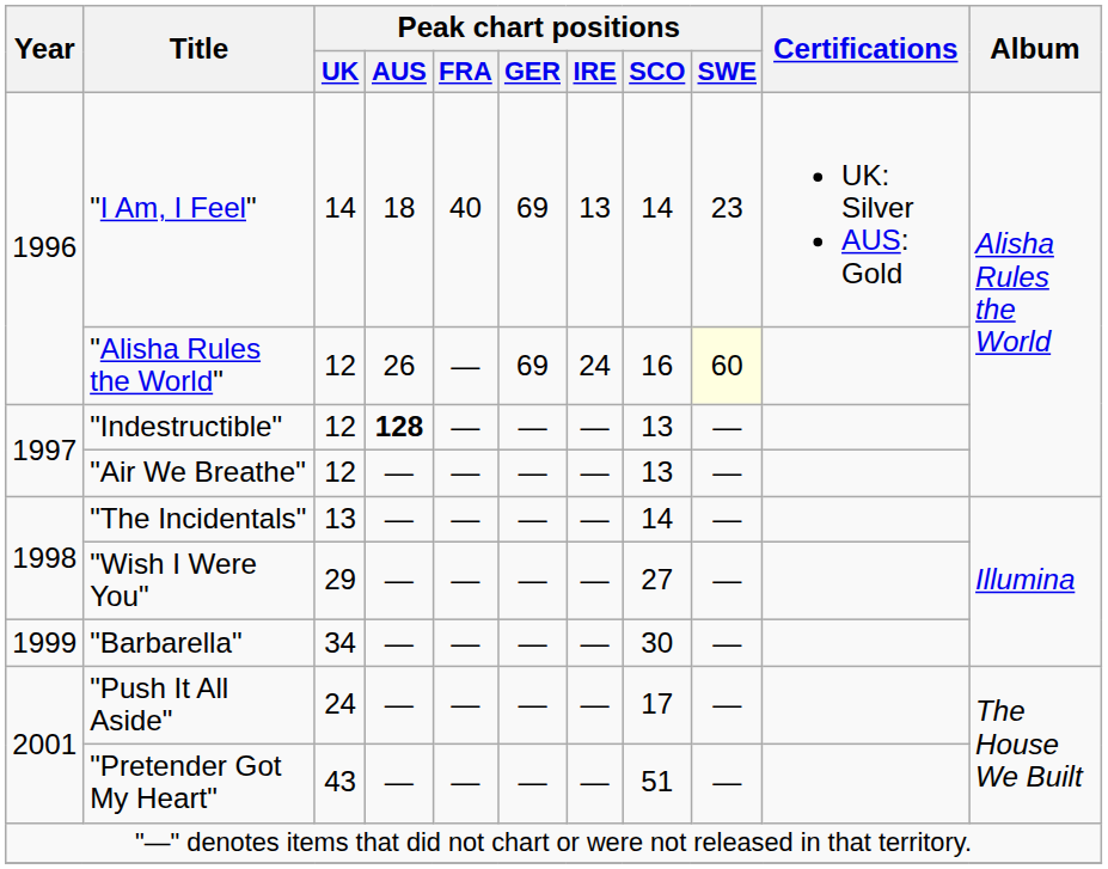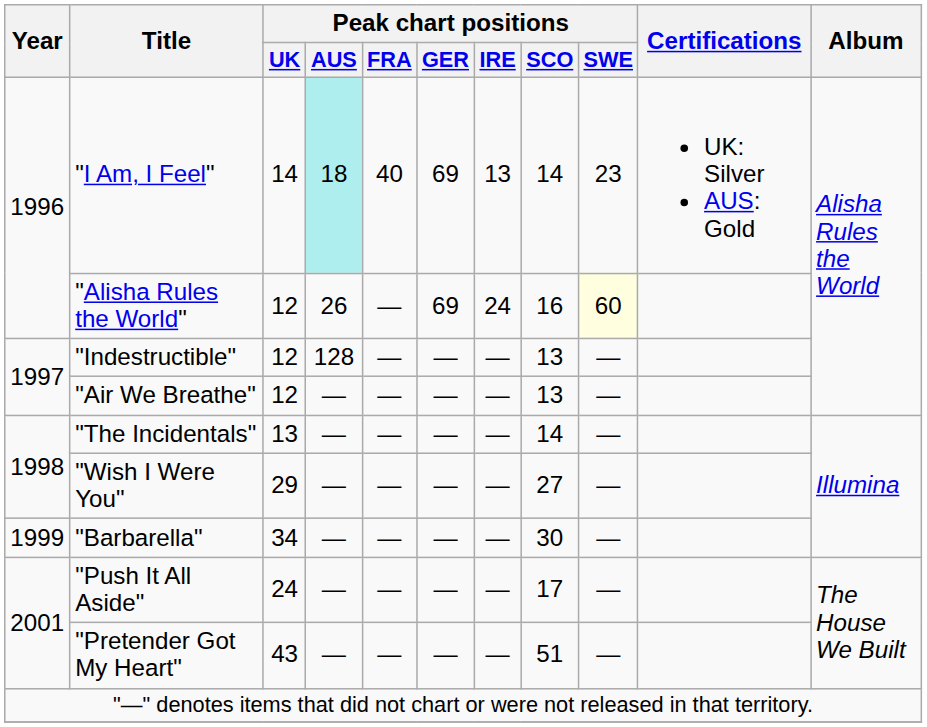 <table class="wikitable">
 <tr>
 <th rowspan="2">Year</th>
 <th rowspan="2" style="width:18em;">Title</th>
 <th colspan="7">Peak chart positions</th>
 <th rowspan="2" style="width:10em;"><a href='#'>Certifications</a></th>
 <th rowspan="2" style="width:12em;">Album</th>
 </tr>
 <tr>
 <th style="width:2em;font-size:90%;"><a href='#'>UK</a><br></th>
 <th style="width:2em;font-size:90%;"><a href='#'>AUS</a><br></th>
 <th style="width:2em;font-size:90%;"><a href='#'>FRA</a><br></th>
 <th style="width:2em;font-size:90%;"><a href='#'>GER</a><br></th>
 <th style="width:2em;font-size:90%;"><a href='#'>IRE</a><br></th>
 <th style="width:2em;font-size:90%;"><a href='#'>SCO</a><br></th>
 <th style="width:2em;font-size:90%;"><a href='#'>SWE</a><br></th>
 </tr>
 <tr>
 <td rowspan="2">1996</td>
 <td>"<a href='#'>I Am, I Feel</a>"</td>
 <td align="center">14</td>
-<td align="center">18</td>
+<td align="center" style="background: paleturquoise;">18</td>
 <td align="center">40</td>
 <td align="center">69</td>
 <td align="center">13</td>
 <td align="center">14</td>
 <td align="center">23</td>
 <td><br><ul><li>UK: Silver</li><li><a href='#'>AUS</a>: Gold</li></ul></td>
 <td rowspan="4"><em><a href='#'>Alisha Rules the World</a></em></td>
 </tr>
 <tr>
 <td>"<a href='#'>Alisha Rules the World</a>"</td>
 <td align="center">12</td>
 <td align="center">26</td>
 <td align="center">—</td>
 <td align="center">69</td>
 <td align="center">24</td>
 <td align="center">16</td>
 <td align="center" style="background: lightyellow;">60</td>
 <td></td>
 </tr>
 <tr>
 <td rowspan="2">1997</td>
 <td>"Indestructible"</td>
 <td align="center">12</td>
-<td align="center"><strong>128</strong></td>
+<td align="center">128</td>
 <td align="center">—</td>
 <td align="center">—</td>
 <td align="center">—</td>
 <td align="center">13</td>
 <td align="center">—</td>
 <td></td>
 </tr>
 <tr>
 <td>"Air We Breathe"</td>
 <td align="center">12</td>
 <td align="center">—</td>
 <td align="center">—</td>
 <td align="center">—</td>
 <td align="center">—</td>
 <td align="center">13</td>
 <td align="center">—</td>
 <td></td>
 </tr>
 <tr>
 <td rowspan=2>1998</td>
 <td>"The Incidentals"</td>
 <td align="center">13</td>
 <td align="center">—</td>
 <td align="center">—</td>
 <td align="center">—</td>
 <td align="center">—</td>
 <td align="center">14</td>
 <td align="center">—</td>
 <td></td>
 <td rowspan="3"><em><a href='#'>Illumina</a></em></td>
 </tr>
 <tr>
 <td>"Wish I Were You"</td>
 <td align="center">29</td>
 <td align="center">—</td>
 <td align="center">—</td>
 <td align="center">—</td>
 <td align="center">—</td>
 <td align="center">27</td>
 <td align="center">—</td>
 <td></td>
 </tr>
 <tr>
 <td>1999</td>
 <td>"Barbarella"</td>
 <td align="center">34</td>
 <td align="center">—</td>
 <td align="center">—</td>
 <td align="center">—</td>
 <td align="center">—</td>
 <td align="center">30</td>
 <td align="center">—</td>
 <td></td>
 </tr>
 <tr>
 <td rowspan="2">2001</td>
 <td>"Push It All Aside"</td>
 <td align="center">24</td>
 <td align="center">—</td>
 <td align="center">—</td>
 <td align="center">—</td>
 <td align="center">—</td>
 <td align="center">17</td>
 <td align="center">—</td>
 <td></td>
 <td rowspan="2"><em>The House We Built</em></td>
 </tr>
 <tr>
 <td>"Pretender Got My Heart"</td>
 <td align="center">43</td>
 <td align="center">—</td>
 <td align="center">—</td>
 <td align="center">—</td>
 <td align="center">—</td>
 <td align="center">51</td>
 <td align="center">—</td>
 <td></td>
 </tr>
 <tr>
 <td align="center" colspan="15" style="font-size:90%">"—" denotes items that did not chart or were not released in that territory.</td>
 </tr>
 <tr>
 </tr>
 </table>
